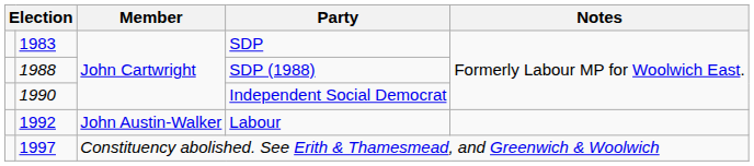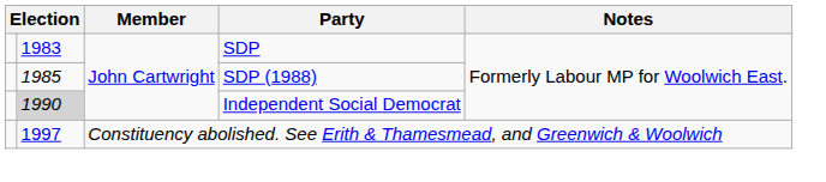 <table class="wikitable">
 <tr>
 <th colspan="2">Election</th>
 <th>Member</th>
 <th>Party</th>
 <th>Notes</th>
 </tr>
 <tr>
 <td style="color:inherit;background-color: "></td>
 <td><a href='#'>1983</a></td>
 <td rowspan="3"><a href='#'>John Cartwright</a></td>
 <td><a href='#'>SDP</a></td>
 <td rowspan="3">Formerly Labour MP for <a href='#'>Woolwich East</a>.</td>
 </tr>
 <tr>
 <td style="color:inherit;background-color: "></td>
-<td><em>1988</em></td>
+<td><em>1985</em></td>
 <td><a href='#'>SDP (1988)</a></td>
 </tr>
 <tr>
 <td style="color:inherit;background-color: "></td>
-<td><em>1990</em></td>
+<td style="background: lightgrey;"><em>1990</em></td>
 <td><a href='#'>Independent Social Democrat</a></td>
-</tr>
-<tr>
-<td style="color:inherit;background-color: "></td>
-<td><a href='#'>1992</a></td>
-<td><a href='#'>John Austin-Walker</a></td>
-<td><a href='#'>Labour</a></td>
-<td></td>
 </tr>
 <tr>
 <td></td>
 <td><a href='#'>1997</a></td>
 <td colspan="3"><em>Constituency abolished. See <a href='#'>Erith & Thamesmead</a>, and <a href='#'>Greenwich & Woolwich</a></em></td>
 </tr>
 </table>
